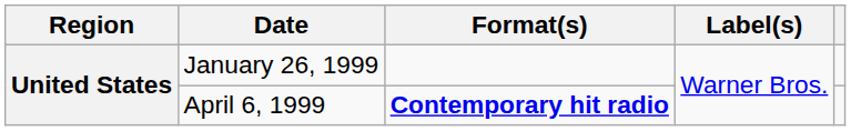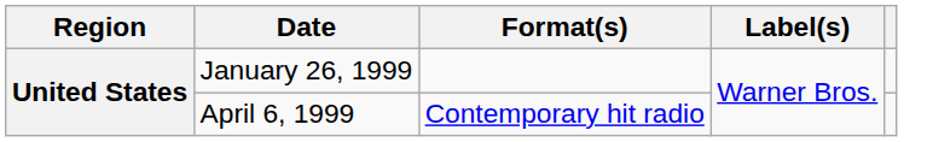 <table class="wikitable plainrowheaders">
 <tr>
 <th scope="col">Region</th>
 <th scope="col">Date</th>
 <th scope="col">Format(s)</th>
 <th scope="col">Label(s)</th>
 <th scope="col"></th>
 </tr>
 <tr>
 <th scope="row" rowspan="2">United States</th>
 <td>January 26, 1999</td>
 <td></td>
 <td rowspan="2"><a href='#'>Warner Bros.</a></td>
 <td></td>
 </tr>
 <tr>
 <td>April 6, 1999</td>
-<td><strong><a href='#'>Contemporary hit radio</a></strong></td>
+<td><a href='#'>Contemporary hit radio</a></td>
 <td></td>
 </tr>
 </table>
